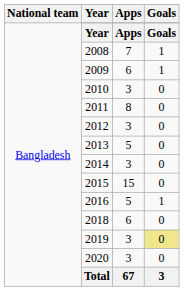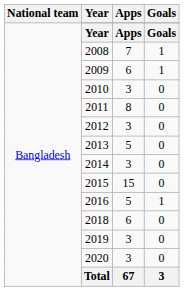 <table class="wikitable" style="text-align: center;">
 <tr>
 <th>National team</th>
 <th>Year</th>
 <th>Apps</th>
 <th>Goals</th>
 </tr>
 <tr>
 <td rowspan="15"><a href='#'>Bangladesh</a></td>
 </tr>
 <tr>
 <th>Year</th>
 <th>Apps</th>
 <th>Goals</th>
 </tr>
 <tr>
 <td>2008</td>
 <td>7</td>
 <td>1</td>
 </tr>
 <tr>
 <td>2009</td>
 <td>6</td>
 <td>1</td>
 </tr>
 <tr>
 <td>2010</td>
 <td>3</td>
 <td>0</td>
 </tr>
 <tr>
 <td>2011</td>
 <td>8</td>
 <td>0</td>
 </tr>
 <tr>
 <td>2012</td>
 <td>3</td>
 <td>0</td>
 </tr>
 <tr>
 <td>2013</td>
 <td>5</td>
 <td>0</td>
 </tr>
 <tr>
 <td>2014</td>
 <td>3</td>
 <td>0</td>
 </tr>
 <tr>
 <td>2015</td>
 <td>15</td>
 <td>0</td>
 </tr>
 <tr>
 <td>2016</td>
 <td>5</td>
 <td>1</td>
 </tr>
 <tr>
 <td>2018</td>
 <td>6</td>
 <td>0</td>
 </tr>
 <tr>
 <td>2019</td>
 <td>3</td>
-<td style="background: khaki;">0</td>
+<td>0</td>
 </tr>
 <tr>
 <td>2020</td>
 <td>3</td>
 <td>0</td>
 </tr>
 <tr>
 <th>Total</th>
 <th>67</th>
 <th>3</th>
 </tr>
 </table>
